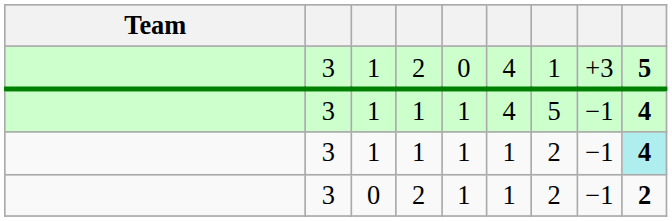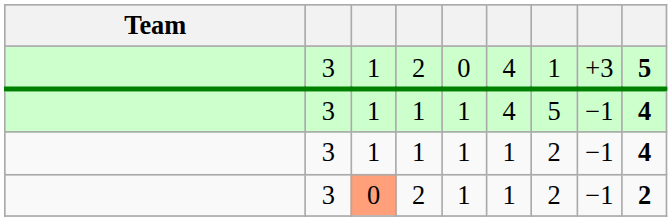 <table class=wikitable style="text-align:center">
 <tr>
 <th width="175">Team</th>
 <th width="20"></th>
 <th width="20"></th>
 <th width="20"></th>
 <th width="20"></th>
 <th width="20"></th>
 <th width="20"></th>
 <th width="20"></th>
 <th width="20"></th>
 </tr>
 <tr bgcolor=ccffcc>
 <td align=left></td>
 <td>3</td>
 <td>1</td>
 <td>2</td>
 <td>0</td>
 <td>4</td>
 <td>1</td>
 <td>+3</td>
 <td><strong>5</strong></td>
 </tr>
 <tr style="border-bottom:3px solid green;">
 </tr>
 <tr bgcolor=ccffcc>
 <td align=left></td>
 <td>3</td>
 <td>1</td>
 <td>1</td>
 <td>1</td>
 <td>4</td>
 <td>5</td>
 <td>−1</td>
 <td><strong>4</strong></td>
 </tr>
 <tr>
 <td align=left></td>
 <td>3</td>
 <td>1</td>
 <td>1</td>
 <td>1</td>
 <td>1</td>
 <td>2</td>
 <td>−1</td>
-<td style="background: paleturquoise;"><strong>4</strong></td>
+<td><strong>4</strong></td>
 </tr>
 <tr>
 <td align=left></td>
 <td>3</td>
-<td>0</td>
+<td style="background: lightsalmon;">0</td>
 <td>2</td>
 <td>1</td>
 <td>1</td>
 <td>2</td>
 <td>−1</td>
 <td><strong>2</strong></td>
 </tr>
 </table>
